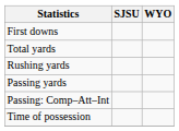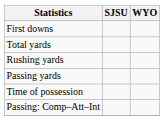 <table class="wikitable" style="float: left;">
 <tr>
 <th>Statistics</th>
 <th>SJSU</th>
 <th>WYO</th>
 </tr>
 <tr>
 <td>First downs</td>
 <td></td>
 <td></td>
 </tr>
 <tr>
 <td>Total yards</td>
 <td></td>
 <td></td>
 </tr>
 <tr>
 <td>Rushing yards</td>
 <td></td>
 <td></td>
 </tr>
 <tr>
 <td>Passing yards</td>
 <td></td>
 <td></td>
 </tr>
 <tr>
-<td>Passing: Comp–Att–Int</td>
+<td>Time of possession</td>
 <td></td>
 <td></td>
 </tr>
 <tr>
-<td>Time of possession</td>
+<td>Passing: Comp–Att–Int</td>
 <td></td>
 <td></td>
 </tr>
 <tr>
 </tr>
 </table>
